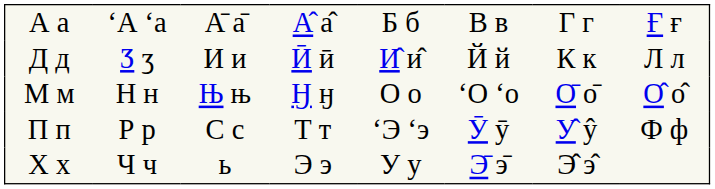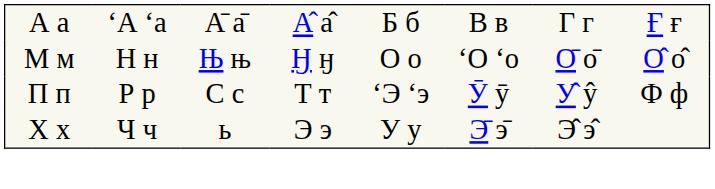 <table style="border-color:#000000; border-width:1px; border-style:solid; border-collapse:collapse; background-color:#F8F8EF;">
 <tr style="font-family:Arial Unicode MS; font-size:1.4em; text-align:center; padding: 3px; width:3em;">
 <td style="width:3em;">А а</td>
 <td style="width:3em;">ʻА ʻа</td>
 <td style="width:3em;">А̄ а̄</td>
 <td style="width:3em;"><a href='#'>А̂</a> а̂</td>
 <td style="width:3em;">Б б</td>
 <td style="width:3em;">В в</td>
 <td style="width:3em;">Г г</td>
 <td style="width:3em;"><a href='#'>Ғ</a> ғ</td>
-</tr>
-<tr style="font-family:Arial Unicode MS; font-size:1.4em; text-align:center; padding: 3px; width:3em;">
-<td style="width:3em;">Д д</td>
-<td style="width:3em;"><a href='#'>Ӡ</a> ӡ</td>
-<td style="width:3em;">И и</td>
-<td style="width:3em;"><a href='#'>Ӣ</a> ӣ</td>
-<td style="width:3em;"><a href='#'>И̂</a> и̂</td>
-<td style="width:3em;">Й й</td>
-<td style="width:3em;">К к</td>
-<td style="width:3em;">Л л</td>
 </tr>
 <tr style="font-family:Arial Unicode MS; font-size:1.4em; text-align:center; padding: 3px; width:3em;">
 <td style="width:3em;">М м</td>
 <td style="width:3em;">Н н</td>
 <td style="width:3em;"><a href='#'>Њ</a> њ</td>
 <td style="width:3em;"><a href='#'>Ӈ</a> ӈ</td>
 <td style="width:3em;">О о</td>
 <td style="width:3em;">ʻО ʻо</td>
 <td style="width:3em;"><a href='#'>О̄</a> о̄</td>
 <td style="width:3em;"><a href='#'>О̂</a> о̂</td>
 </tr>
 <tr style="font-family:Arial Unicode MS; font-size:1.4em; text-align:center; padding: 3px; width:3em;">
 <td style="width:3em;">П п</td>
 <td style="width:3em;">Р р</td>
 <td style="width:3em;">С с</td>
 <td style="width:3em;">Т т</td>
 <td style="width:3em;">ʻЭ ʻэ</td>
 <td style="width:3em;"><a href='#'>Ӯ</a> ӯ</td>
 <td style="width:3em;"><a href='#'>У̂</a> ŷ</td>
 <td style="width:3em;">Ф ф</td>
 </tr>
 <tr style="font-family:Arial Unicode MS; font-size:1.4em; text-align:center; padding: 3px; width:3em;">
 <td style="width:3em;">Х х</td>
 <td style="width:3em;">Ч ч</td>
 <td style="width:3em;">ь</td>
 <td style="width:3em;">Э э</td>
 <td style="width:3em;">У у</td>
 <td style="width:3em;"><a href='#'>Э̄</a> э̄</td>
 <td style="width:3em;">Э̂ э̂</td>
 </tr>
 </table>
